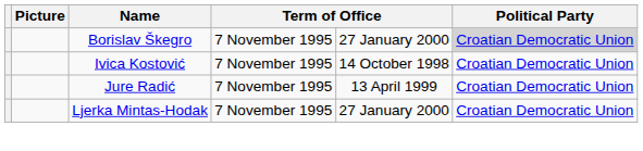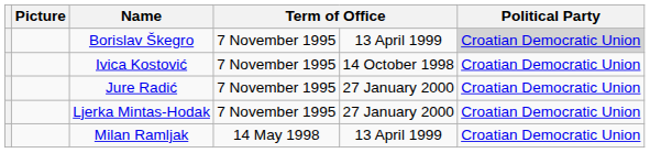 <table class="wikitable" style="text-align:center">
 <tr>
 <th></th>
 <th>Picture</th>
 <th>Name<br></th>
 <th colspan="2">Term of Office</th>
 <th>Political Party</th>
 </tr>
 <tr>
 <th style="background:"></th>
 <td></td>
 <td><a href='#'>Borislav Škegro</a><br></td>
 <td>7 November 1995</td>
-<td>27 January 2000</td>
+<td>13 April 1999</td>
 <td style="background: lightgrey;"><a href='#'>Croatian Democratic Union</a></td>
 </tr>
 <tr>
 <th style="background:"></th>
 <td></td>
 <td><a href='#'>Ivica Kostović</a><br></td>
 <td>7 November 1995</td>
 <td>14 October 1998</td>
 <td><a href='#'>Croatian Democratic Union</a></td>
 </tr>
 <tr>
 <th style="background:"></th>
 <td></td>
 <td><a href='#'>Jure Radić</a><br></td>
 <td>7 November 1995</td>
-<td>13 April 1999</td>
+<td>27 January 2000</td>
 <td><a href='#'>Croatian Democratic Union</a></td>
 </tr>
 <tr>
 <th style="background:"></th>
 <td></td>
 <td><a href='#'>Ljerka Mintas-Hodak</a><br></td>
 <td>7 November 1995</td>
 <td>27 January 2000</td>
 <td><a href='#'>Croatian Democratic Union</a></td>
 </tr>
+<tr>
+<th style="background:"></th>
+<td></td>
+<td><a href='#'>Milan Ramljak</a><br></td>
+<td>14 May 1998</td>
+<td>13 April 1999</td>
+<td><a href='#'>Croatian Democratic Union</a></td>
+</tr>
 </table>
